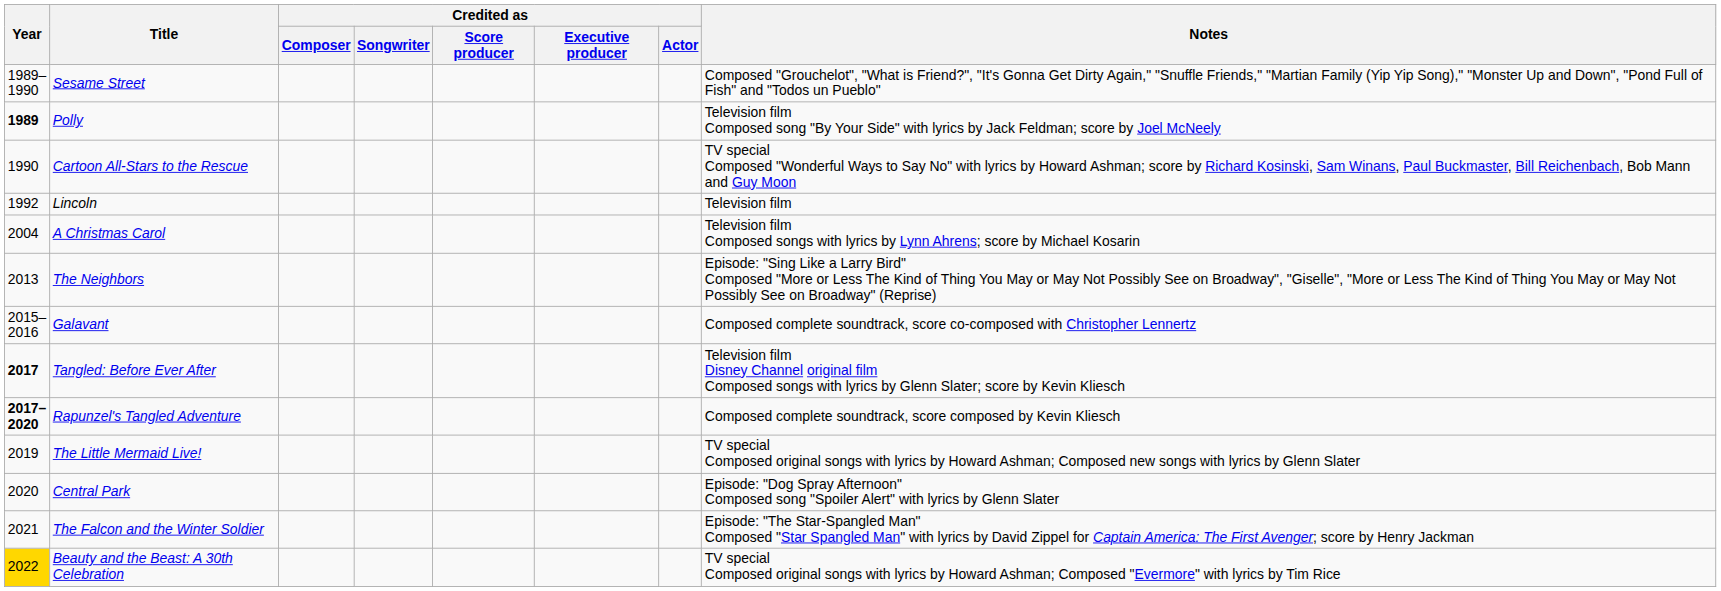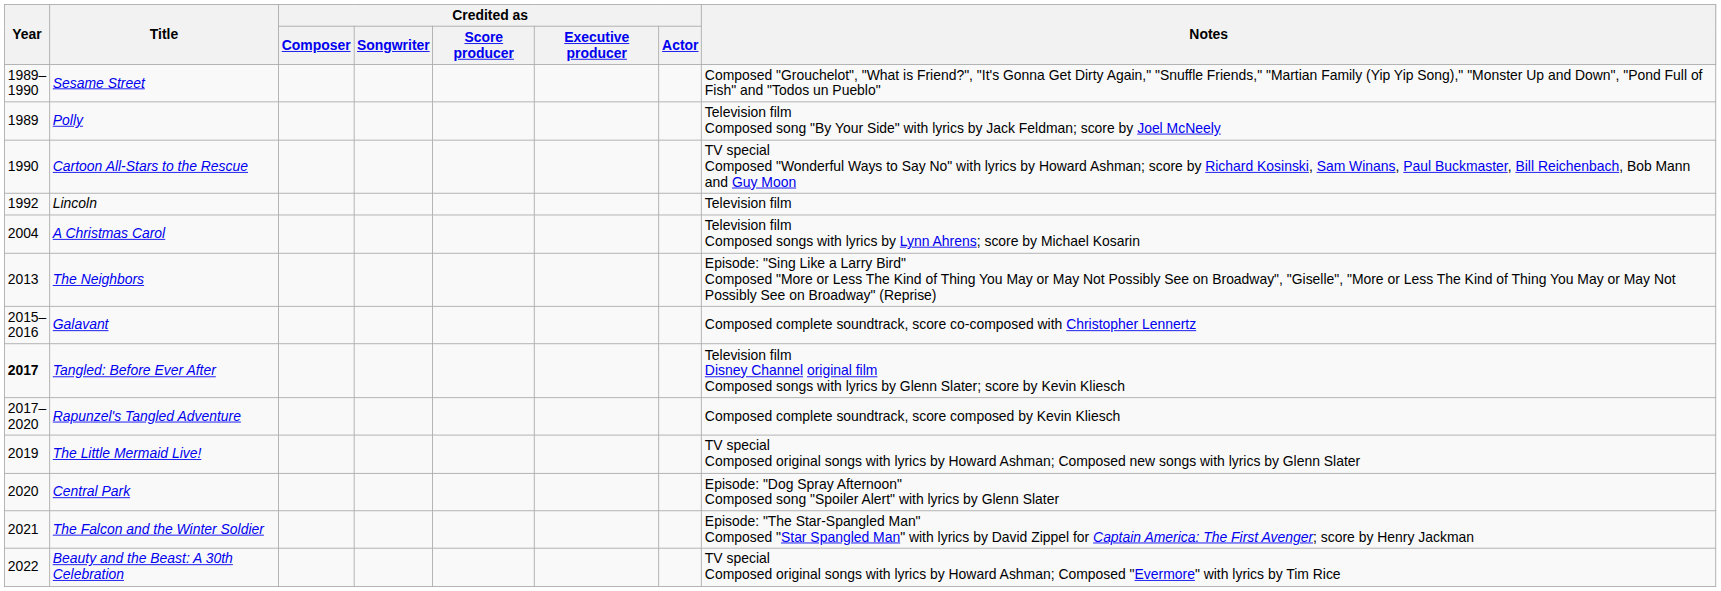 <table class="wikitable">
 <tr style="background:#ccc; text-align:center;">
 <th rowspan="2" style="width:33px;">Year</th>
 <th rowspan="2">Title</th>
 <th colspan="5">Credited as</th>
 <th rowspan="2">Notes</th>
 </tr>
 <tr>
 <th><a href='#'>Composer</a></th>
 <th><a href='#'>Songwriter</a></th>
 <th><a href='#'>Score producer</a></th>
 <th><a href='#'>Executive producer</a></th>
 <th><a href='#'>Actor</a></th>
 </tr>
 <tr>
 <td>1989–1990</td>
 <td><em><a href='#'>Sesame Street</a></em></td>
 <td></td>
 <td></td>
 <td></td>
 <td></td>
 <td></td>
 <td>Composed "Grouchelot", "What is Friend?", "It's Gonna Get Dirty Again," "Snuffle Friends," "Martian Family (Yip Yip Song)," "Monster Up and Down", "Pond Full of Fish" and "Todos un Pueblo"</td>
 </tr>
 <tr>
-<td><strong>1989</strong></td>
+<td>1989</td>
 <td><em><a href='#'>Polly</a></em></td>
 <td></td>
 <td></td>
 <td></td>
 <td></td>
 <td></td>
 <td>Television film<br>Composed song "By Your Side" with lyrics by Jack Feldman; score by <a href='#'>Joel McNeely</a></td>
 </tr>
 <tr>
 <td>1990</td>
 <td><em><a href='#'>Cartoon All-Stars to the Rescue</a></em></td>
 <td></td>
 <td></td>
 <td></td>
 <td></td>
 <td></td>
 <td>TV special<br>Composed "Wonderful Ways to Say No" with lyrics by Howard Ashman; score by <a href='#'>Richard Kosinski</a>, <a href='#'>Sam Winans</a>, <a href='#'>Paul Buckmaster</a>, <a href='#'>Bill Reichenbach</a>, Bob Mann and <a href='#'>Guy Moon</a></td>
 </tr>
 <tr>
 <td>1992</td>
 <td><em>Lincoln</em></td>
 <td></td>
 <td></td>
 <td></td>
 <td></td>
 <td></td>
 <td>Television film</td>
 </tr>
 <tr>
 <td>2004</td>
 <td><em><a href='#'>A Christmas Carol</a></em></td>
 <td></td>
 <td></td>
 <td></td>
 <td></td>
 <td></td>
 <td>Television film<br>Composed songs with lyrics by <a href='#'>Lynn Ahrens</a>; score by Michael Kosarin</td>
 </tr>
 <tr>
 <td>2013</td>
 <td><em><a href='#'>The Neighbors</a></em></td>
 <td></td>
 <td></td>
 <td></td>
 <td></td>
 <td></td>
 <td>Episode: "Sing Like a Larry Bird"<br>Composed "More or Less The Kind of Thing You May or May Not Possibly See on Broadway", "Giselle", "More or Less The Kind of Thing You May or May Not Possibly See on Broadway" (Reprise)</td>
 </tr>
 <tr>
 <td>2015–2016</td>
 <td><em><a href='#'>Galavant</a></em></td>
 <td></td>
 <td></td>
 <td></td>
 <td></td>
 <td></td>
 <td>Composed complete soundtrack, score co-composed with <a href='#'>Christopher Lennertz</a></td>
 </tr>
 <tr>
 <td><strong>2017</strong></td>
 <td><em><a href='#'>Tangled: Before Ever After</a></em></td>
 <td></td>
 <td></td>
 <td></td>
 <td></td>
 <td></td>
 <td>Television film<br><a href='#'>Disney Channel</a> <a href='#'>original film</a><br>Composed songs with lyrics by Glenn Slater; score by Kevin Kliesch</td>
 </tr>
 <tr>
-<td><strong>2017–2020</strong></td>
+<td>2017–2020</td>
 <td><em><a href='#'>Rapunzel's Tangled Adventure</a></em></td>
 <td></td>
 <td></td>
 <td></td>
 <td></td>
 <td></td>
 <td>Composed complete soundtrack, score composed by Kevin Kliesch</td>
 </tr>
 <tr>
 <td>2019</td>
 <td><em><a href='#'>The Little Mermaid Live!</a></em></td>
 <td></td>
 <td></td>
 <td></td>
 <td></td>
 <td></td>
 <td>TV special<br>Composed original songs with lyrics by Howard Ashman; Composed new songs with lyrics by Glenn Slater</td>
 </tr>
 <tr>
 <td>2020</td>
 <td><em><a href='#'>Central Park</a></em></td>
 <td></td>
 <td></td>
 <td></td>
 <td></td>
 <td></td>
 <td>Episode: "Dog Spray Afternoon"<br>Composed song "Spoiler Alert" with lyrics by Glenn Slater</td>
 </tr>
 <tr>
 <td>2021</td>
 <td><em><a href='#'>The Falcon and the Winter Soldier</a></em></td>
 <td></td>
 <td></td>
 <td></td>
 <td></td>
 <td></td>
 <td>Episode: "The Star-Spangled Man"<br>Composed "<a href='#'>Star Spangled Man</a>" with lyrics by David Zippel for <em><a href='#'>Captain America: The First Avenger</a></em>; score by Henry Jackman</td>
 </tr>
 <tr>
-<td style="background: gold;">2022</td>
+<td>2022</td>
 <td><em><a href='#'>Beauty and the Beast: A 30th Celebration</a></em></td>
 <td></td>
 <td></td>
 <td></td>
 <td></td>
 <td></td>
 <td>TV special<br>Composed original songs with lyrics by Howard Ashman; Composed "<a href='#'>Evermore</a>" with lyrics by Tim Rice</td>
 </tr>
 </table>
